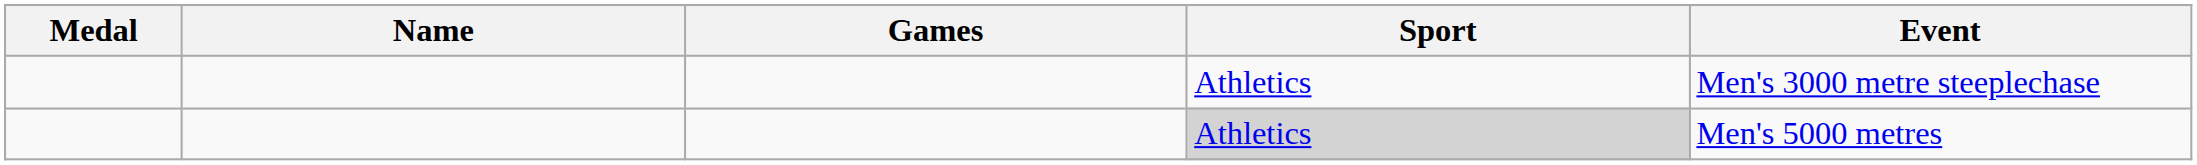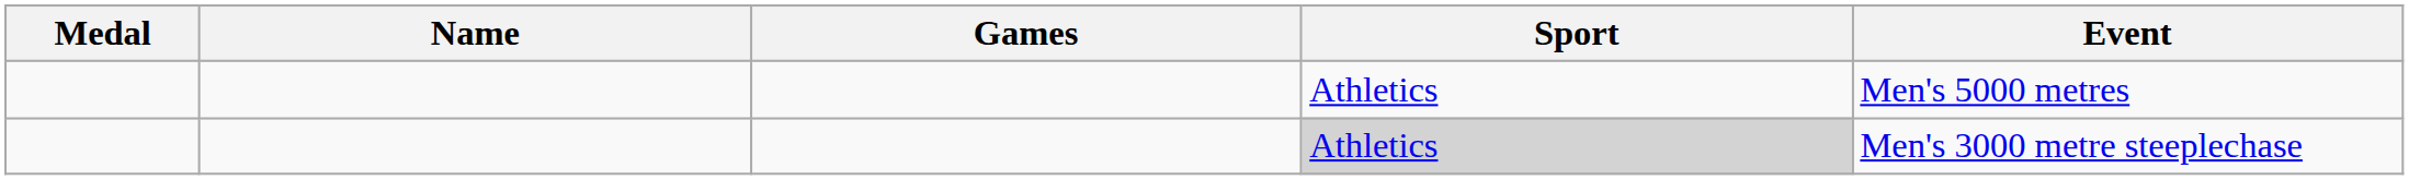 <table class="sortable wikitable">
 <tr>
 <th style="width:5em">Medal</th>
 <th style="width:15em">Name</th>
 <th style="width:15em">Games</th>
 <th style="width:15em">Sport</th>
 <th style="width:15em">Event</th>
 </tr>
 <tr>
 <td></td>
 <td></td>
 <td></td>
 <td> <a href='#'>Athletics</a></td>
-<td><a href='#'>Men's 3000 metre steeplechase</a></td>
+<td><a href='#'>Men's 5000 metres</a></td>
 </tr>
 <tr>
 <td></td>
 <td></td>
 <td></td>
 <td style="background: lightgrey;"> <a href='#'>Athletics</a></td>
-<td><a href='#'>Men's 5000 metres</a></td>
+<td><a href='#'>Men's 3000 metre steeplechase</a></td>
 </tr>
 </table>
